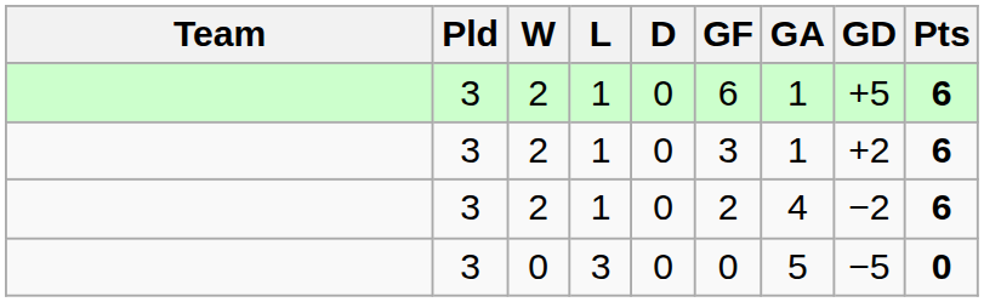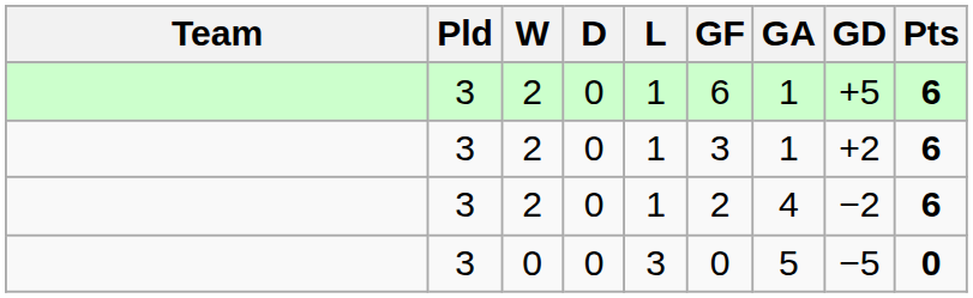 <table class="wikitable" style="text-align:center;">
 <tr>
 <th width=180>Team</th>
 <th width=20>Pld</th>
 <th width=20>W</th>
+<th width=20>D</th>
 <th width=20>L</th>
-<th width=20>D</th>
 <th width=20>GF</th>
 <th width=20>GA</th>
 <th width=20>GD</th>
 <th width=20>Pts</th>
 </tr>
 <tr bgcolor="ccffcc">
 <td align="left"></td>
 <td>3</td>
 <td>2</td>
+<td>0</td>
 <td>1</td>
-<td>0</td>
 <td>6</td>
 <td>1</td>
 <td>+5</td>
 <td><strong>6</strong></td>
 </tr>
 <tr>
 <td align="left"></td>
 <td>3</td>
 <td>2</td>
+<td>0</td>
 <td>1</td>
-<td>0</td>
 <td>3</td>
 <td>1</td>
 <td>+2</td>
 <td><strong>6</strong></td>
 </tr>
 <tr>
 <td align="left"><em></em></td>
 <td>3</td>
 <td>2</td>
+<td>0</td>
 <td>1</td>
-<td>0</td>
 <td>2</td>
 <td>4</td>
 <td>−2</td>
 <td><strong>6</strong></td>
 </tr>
 <tr>
 <td align="left"></td>
 <td>3</td>
 <td>0</td>
+<td>0</td>
 <td>3</td>
-<td>0</td>
 <td>0</td>
 <td>5</td>
 <td>−5</td>
 <td><strong>0</strong></td>
 </tr>
 </table>
